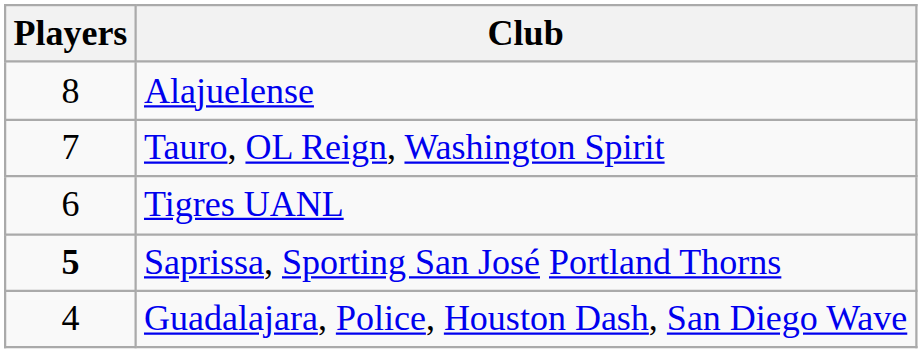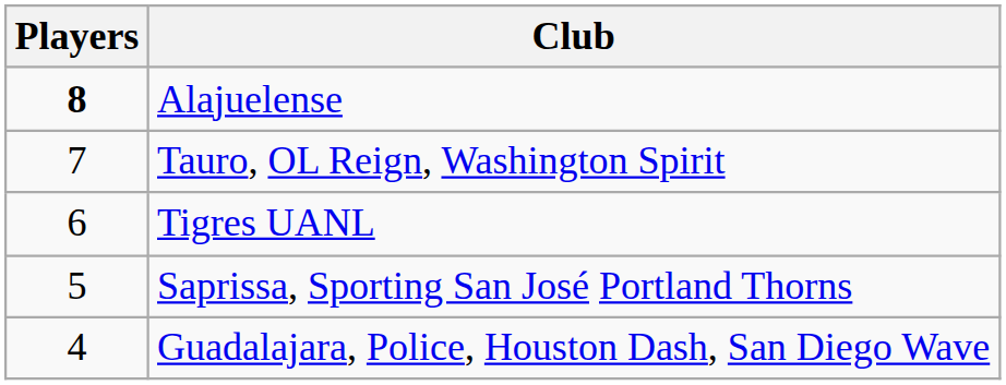 <table class="wikitable">
 <tr>
 <th>Players</th>
 <th>Club</th>
 </tr>
 <tr>
-<td align="center">8</td>
+<td align="center"><strong>8</strong></td>
 <td> <a href='#'>Alajuelense</a></td>
 </tr>
 <tr>
 <td align="center">7</td>
 <td> <a href='#'>Tauro</a>,  <a href='#'>OL Reign</a>,  <a href='#'>Washington Spirit</a></td>
 </tr>
 <tr>
 <td align="center">6</td>
 <td> <a href='#'>Tigres UANL</a></td>
 </tr>
 <tr>
-<td align="center"><strong>5</strong></td>
+<td align="center">5</td>
 <td> <a href='#'>Saprissa</a>,  <a href='#'>Sporting San José</a>  <a href='#'>Portland Thorns</a></td>
 </tr>
 <tr>
 <td align="center">4</td>
 <td> <a href='#'>Guadalajara</a>,  <a href='#'>Police</a>,  <a href='#'>Houston Dash</a>,  <a href='#'>San Diego Wave</a></td>
 </tr>
 </table>
